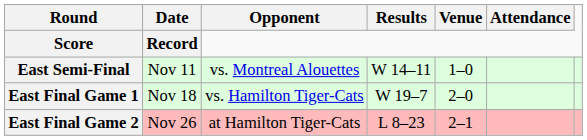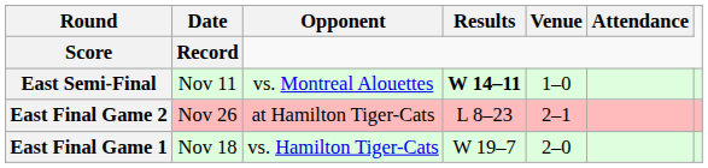 <table class="wikitable" style="text-align:center">
 <tr>
 <th>Round</th>
 <th>Date</th>
 <th>Opponent</th>
 <th>Results</th>
 <th>Venue</th>
 <th>Attendance</th>
 </tr>
 <tr>
 <th>Score</th>
 <th>Record</th>
 </tr>
 <tr style="background:#ddffdd">
 <th>East Semi-Final</th>
 <td>Nov 11</td>
 <td>vs. <a href='#'>Montreal Alouettes</a></td>
-<td>W 14–11</td>
+<td><strong>W 14–11</strong></td>
 <td>1–0</td>
+<td></td>
+<td></td>
+</tr>
+<tr style="background:#ffbbbb">
+<th>East Final Game 2</th>
+<td>Nov 26</td>
+<td>at Hamilton Tiger-Cats</td>
+<td>L 8–23</td>
+<td>2–1</td>
 <td></td>
 <td></td>
 </tr>
 <tr style="background:#ddffdd">
 <th>East Final Game 1</th>
 <td>Nov 18</td>
 <td>vs. <a href='#'>Hamilton Tiger-Cats</a></td>
 <td>W 19–7</td>
 <td>2–0</td>
 <td></td>
 <td></td>
 </tr>
-<tr style="background:#ffbbbb">
-<th>East Final Game 2</th>
-<td>Nov 26</td>
-<td>at Hamilton Tiger-Cats</td>
-<td>L 8–23</td>
-<td>2–1</td>
-<td></td>
-<td></td>
-</tr>
 </table>
